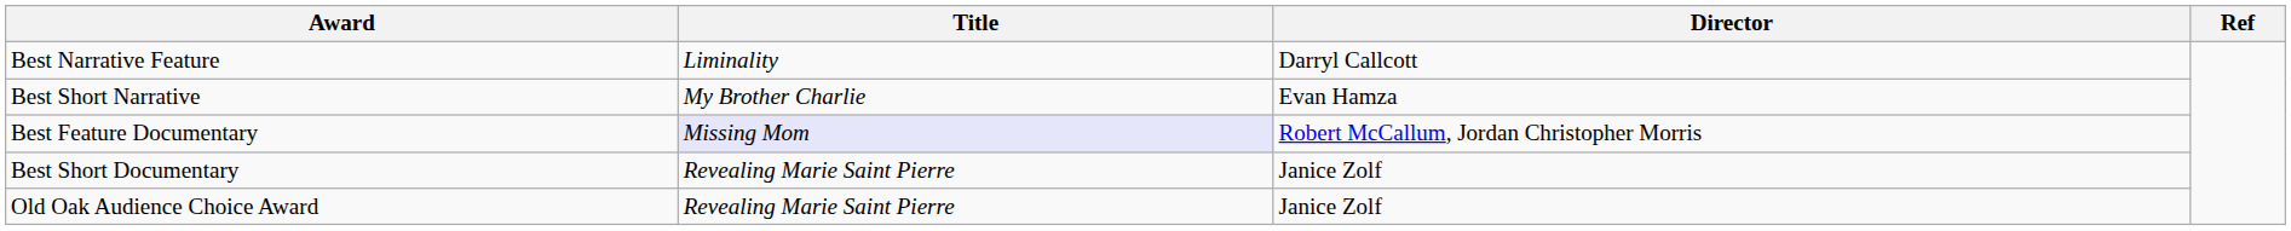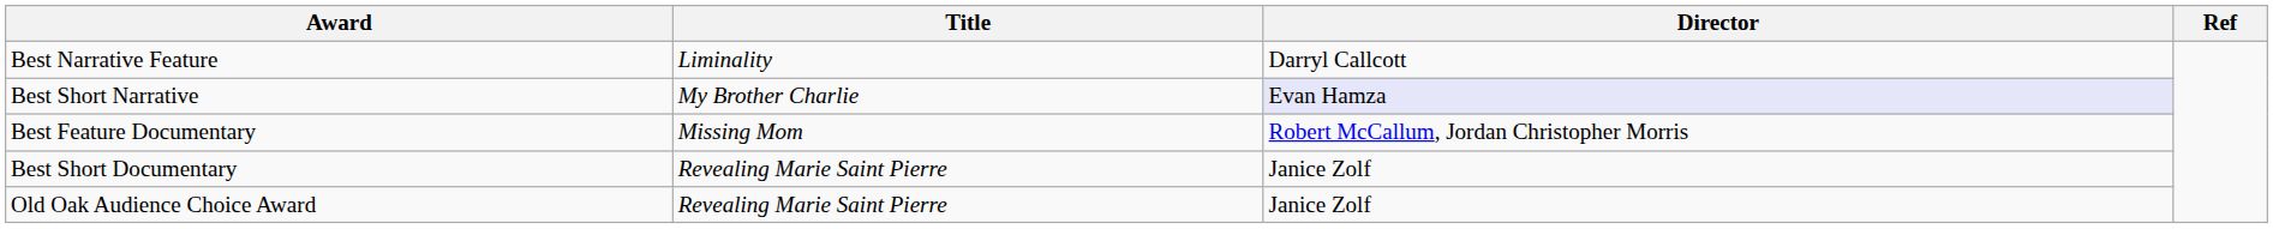 <table class="wikitable" width=100%>
 <tr>
 <th>Award</th>
 <th>Title</th>
 <th>Director</th>
 <th>Ref</th>
 </tr>
 <tr>
 <td>Best Narrative Feature</td>
 <td><em>Liminality</em></td>
 <td>Darryl Callcott</td>
 <td rowspan=5></td>
 </tr>
 <tr>
 <td>Best Short Narrative</td>
 <td><em>My Brother Charlie</em></td>
-<td>Evan Hamza</td>
+<td style="background: lavender;">Evan Hamza</td>
 </tr>
 <tr>
 <td>Best Feature Documentary</td>
-<td style="background: lavender;"><em>Missing Mom</em></td>
+<td><em>Missing Mom</em></td>
 <td><a href='#'>Robert McCallum</a>, Jordan Christopher Morris</td>
 </tr>
 <tr>
 <td>Best Short Documentary</td>
 <td><em>Revealing Marie Saint Pierre</em></td>
 <td>Janice Zolf</td>
 </tr>
 <tr>
 <td>Old Oak Audience Choice Award</td>
 <td><em>Revealing Marie Saint Pierre</em></td>
 <td>Janice Zolf</td>
 </tr>
 </table>
